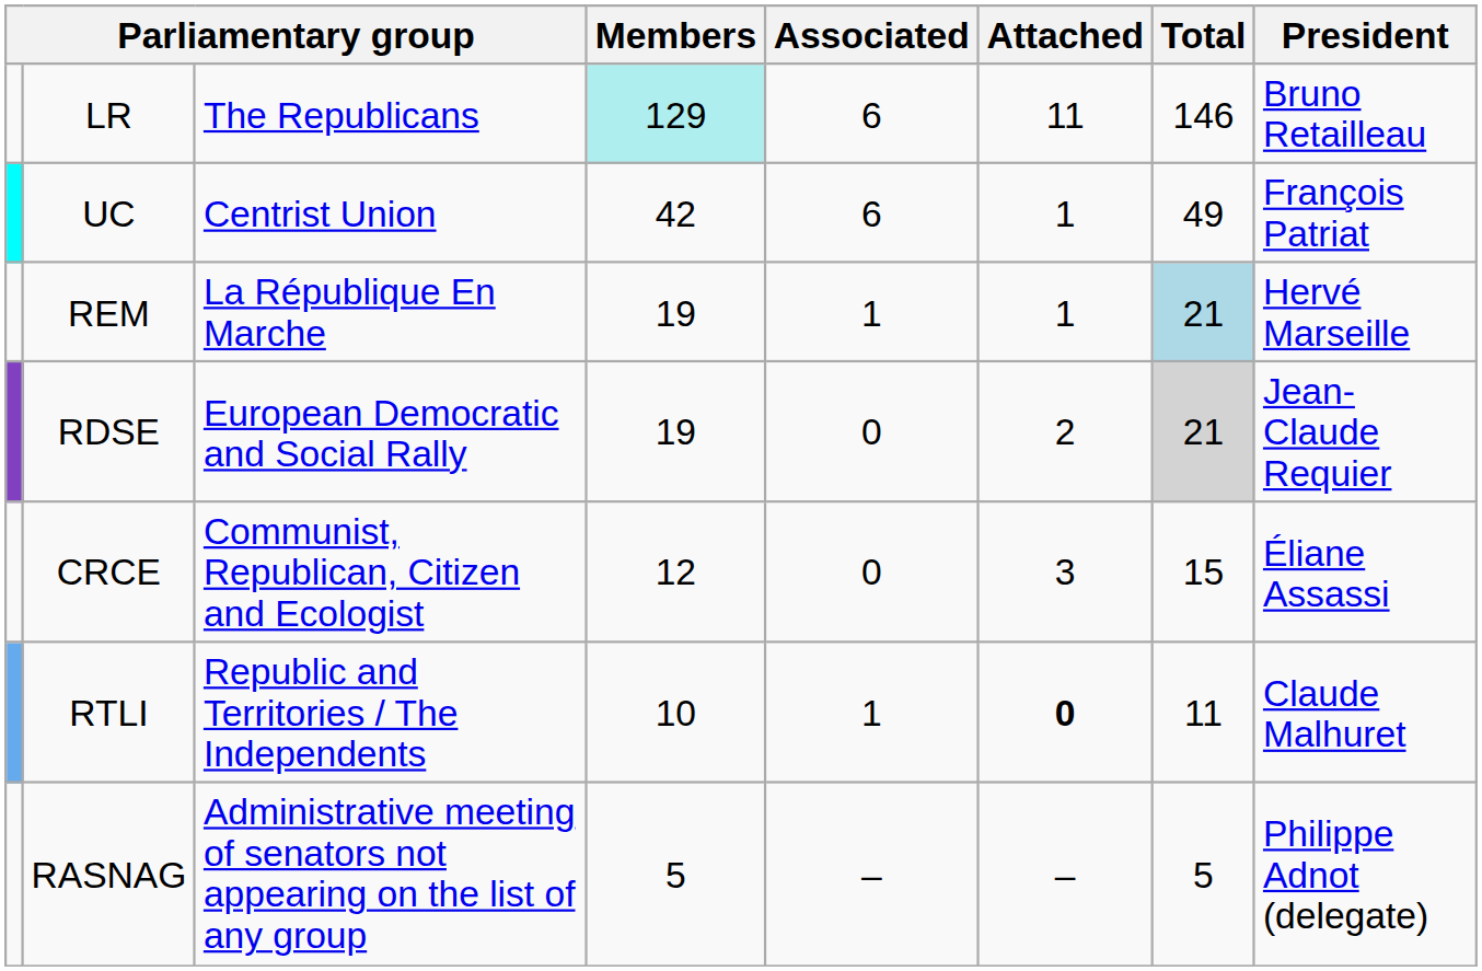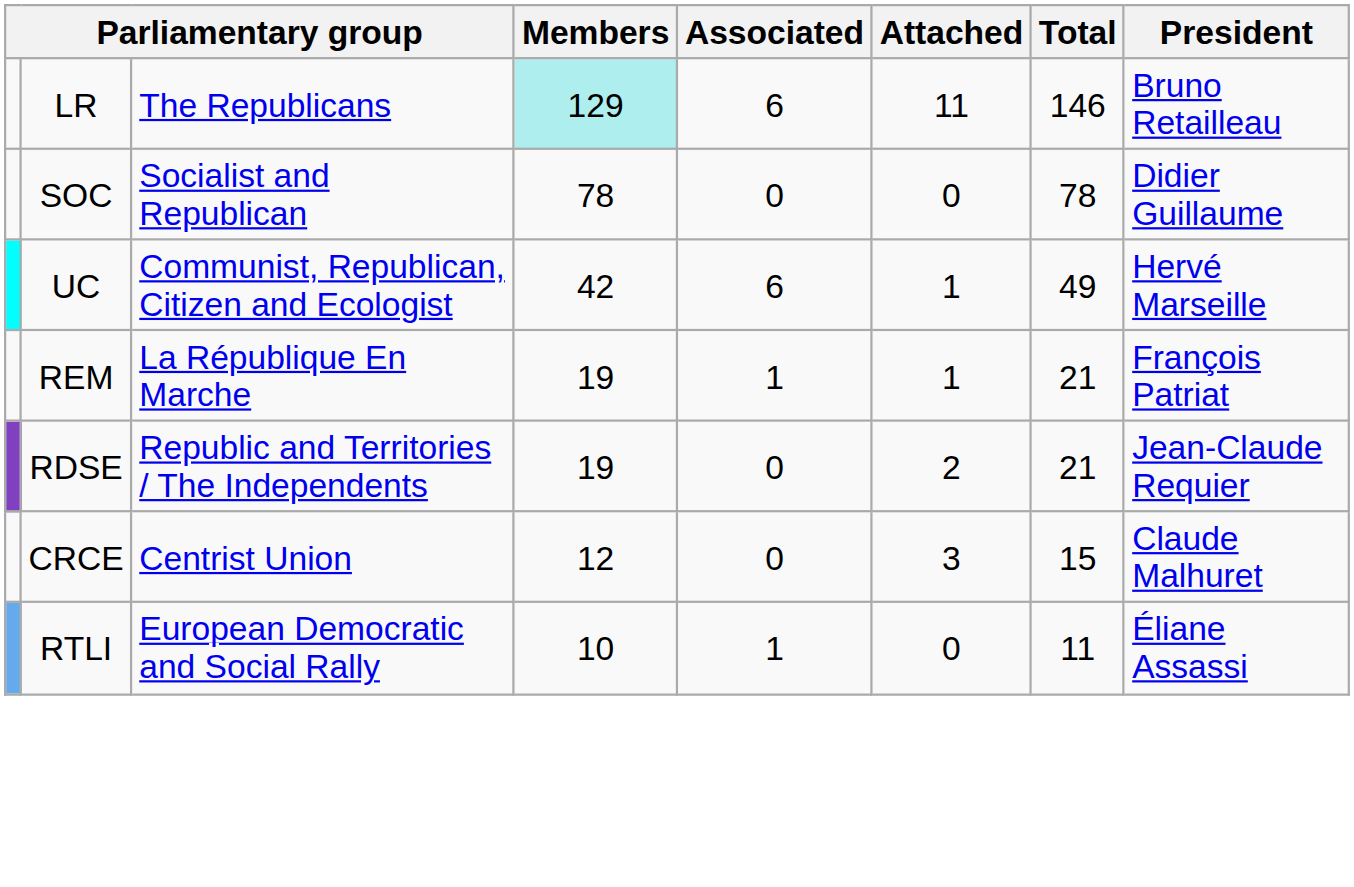 <table class="wikitable" style="font-size:95%;text-align:center;">
 <tr style="background-color:#E9E9E9;">
 <th colspan="3">Parliamentary group</th>
 <th>Members</th>
 <th>Associated</th>
 <th>Attached</th>
 <th>Total</th>
 <th>President</th>
 </tr>
 <tr>
 <td style="background:"></td>
 <td>LR</td>
 <td style="text-align:left;"><a href='#'>The Republicans</a></td>
 <td style="background: paleturquoise;">129</td>
 <td>6</td>
 <td>11</td>
 <td>146</td>
 <td style="text-align:left;"><a href='#'>Bruno Retailleau</a></td>
 </tr>
 <tr>
+<td style="background:"></td>
+<td>SOC</td>
+<td style="text-align:left;"><a href='#'>Socialist and Republican</a></td>
+<td>78</td>
+<td>0</td>
+<td>0</td>
+<td>78</td>
+<td style="text-align:left;"><a href='#'>Didier Guillaume</a></td>
+</tr>
+<tr>
 <td style="background:#00FFFF;"></td>
 <td>UC</td>
-<td style="text-align:left;"><a href='#'>Centrist Union</a></td>
+<td style="text-align:left;"><a href='#'>Communist, Republican, Citizen and Ecologist</a></td>
 <td>42</td>
 <td>6</td>
 <td>1</td>
 <td>49</td>
-<td style="text-align:left;"><a href='#'>François Patriat</a></td>
+<td style="text-align:left;"><a href='#'>Hervé Marseille</a></td>
 </tr>
 <tr>
 <td style="background:"></td>
 <td>REM</td>
 <td style="text-align:left;"><a href='#'>La République En Marche</a></td>
 <td>19</td>
 <td>1</td>
 <td>1</td>
-<td style="background: lightblue;">21</td>
-<td style="text-align:left;"><a href='#'>Hervé Marseille</a></td>
+<td>21</td>
+<td style="text-align:left;"><a href='#'>François Patriat</a></td>
 </tr>
 <tr>
 <td style="background:#8040C0;"></td>
 <td>RDSE</td>
-<td style="text-align:left;"><a href='#'>European Democratic and Social Rally</a></td>
+<td style="text-align:left;"><a href='#'>Republic and Territories / The Independents</a></td>
 <td>19</td>
 <td>0</td>
 <td>2</td>
-<td style="background: lightgrey;">21</td>
+<td>21</td>
 <td style="text-align:left;"><a href='#'>Jean-Claude Requier</a></td>
 </tr>
 <tr>
 <td style="background:"></td>
 <td>CRCE</td>
-<td style="text-align:left;"><a href='#'>Communist, Republican, Citizen and Ecologist</a></td>
+<td style="text-align:left;"><a href='#'>Centrist Union</a></td>
 <td>12</td>
 <td>0</td>
 <td>3</td>
 <td>15</td>
-<td style="text-align:left;"><a href='#'>Éliane Assassi</a></td>
+<td style="text-align:left;"><a href='#'>Claude Malhuret</a></td>
 </tr>
 <tr>
 <td style="background:#66AAEE;"></td>
 <td>RTLI</td>
-<td style="text-align:left;"><a href='#'>Republic and Territories / The Independents</a></td>
+<td style="text-align:left;"><a href='#'>European Democratic and Social Rally</a></td>
 <td>10</td>
 <td>1</td>
-<td><strong>0</strong></td>
+<td>0</td>
 <td>11</td>
-<td style="text-align:left;"><a href='#'>Claude Malhuret</a></td>
-</tr>
-<tr>
-<td style="background:"></td>
-<td>RASNAG</td>
-<td style="text-align:left;"><a href='#'>Administrative meeting of senators not appearing on the list of any group</a></td>
-<td>5</td>
-<td>–</td>
-<td>–</td>
-<td>5</td>
-<td style="text-align:left;"><a href='#'>Philippe Adnot</a> (delegate)</td>
+<td style="text-align:left;"><a href='#'>Éliane Assassi</a></td>
 </tr>
 </table>
